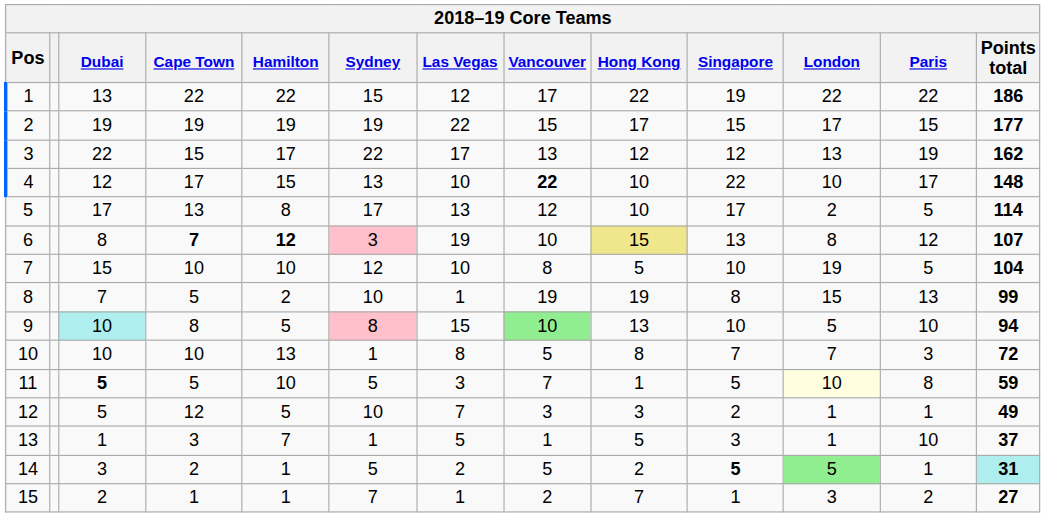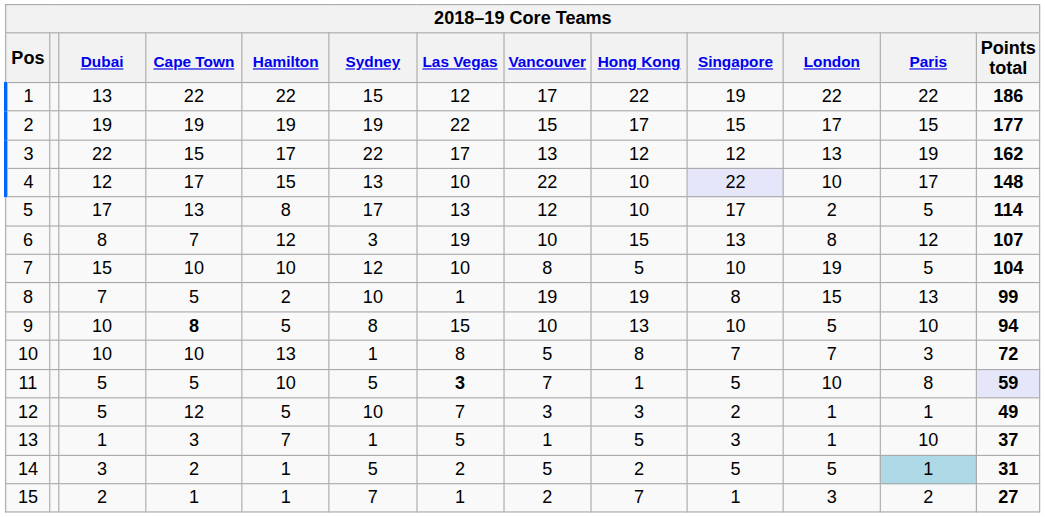 <table class="wikitable" style="text-align:center">
 <tr bgcolor="#efefef">
 <th colspan=13 style="border-right:0px;";>2018–19 Core Teams</th>
 </tr>
 <tr bgcolor="#efefef" style="vertical-align:top;">
 <th style="width:2em; vertical-align:middle;">Pos</th>
 <th></th>
 <th style="width:5.2em; font-size:85%;"><br><a href='#'>Dubai</a></th>
 <th style="width:5.8em; font-size:85%;"><br><a href='#'>Cape Town</a></th>
 <th style="width:5.2em; font-size:85%;"><br><a href='#'>Hamilton</a></th>
 <th style="width:5.2em; font-size:85%;"><br><a href='#'>Sydney</a></th>
 <th style="width:5.2em; font-size:85%;"><br><a href='#'>Las Vegas</a></th>
 <th style="width:5.2em; font-size:85%;"><br><a href='#'>Vancouver</a></th>
 <th style="width:5.8em; font-size:85%;"><br><a href='#'>Hong Kong</a></th>
 <th style="width:5.8em; font-size:85%;"><br><a href='#'>Singapore</a></th>
 <th style="width:5.8em; font-size:85%;"><br><a href='#'>London</a></th>
 <th style="width:5.8em; font-size:85%;"><br><a href='#'>Paris</a></th>
 <th>Points<br>total</th>
 </tr>
 <tr style="border-left:3px solid #06f;">
 <td>1</td>
 <td align=left></td>
 <td>13</td>
 <td>22</td>
 <td>22</td>
 <td>15</td>
 <td>12</td>
 <td>17</td>
 <td>22</td>
 <td>19</td>
 <td>22</td>
 <td>22</td>
 <td><strong>186</strong></td>
 </tr>
 <tr style="border-left:3px solid #06f;">
 <td>2</td>
 <td align=left></td>
 <td>19</td>
 <td>19</td>
 <td>19</td>
 <td>19</td>
 <td>22</td>
 <td>15</td>
 <td>17</td>
 <td>15</td>
 <td>17</td>
 <td>15</td>
 <td><strong>177</strong></td>
 </tr>
 <tr style="border-left:3px solid #06f;">
 <td>3</td>
 <td align=left></td>
 <td>22</td>
 <td>15</td>
 <td>17</td>
 <td>22</td>
 <td>17</td>
 <td>13</td>
 <td>12</td>
 <td>12</td>
 <td>13</td>
 <td>19</td>
 <td><strong>162</strong></td>
 </tr>
 <tr style="border-left:3px solid #06f;">
 <td>4</td>
 <td align=left></td>
 <td>12</td>
 <td>17</td>
 <td>15</td>
 <td>13</td>
 <td>10</td>
-<td><strong>22</strong></td>
+<td>22</td>
 <td>10</td>
-<td>22</td>
+<td style="background: lavender;">22</td>
 <td>10</td>
 <td>17</td>
 <td><strong>148</strong></td>
 </tr>
 <tr>
 <td>5</td>
 <td align=left></td>
 <td>17</td>
 <td>13</td>
 <td>8</td>
 <td>17</td>
 <td>13</td>
 <td>12</td>
 <td>10</td>
 <td>17</td>
 <td>2</td>
 <td>5</td>
 <td><strong>114</strong></td>
 </tr>
 <tr>
 <td>6</td>
 <td align=left></td>
 <td>8</td>
-<td><strong>7</strong></td>
-<td><strong>12</strong></td>
-<td style="background: pink;">3</td>
+<td>7</td>
+<td>12</td>
+<td>3</td>
 <td>19</td>
 <td>10</td>
-<td style="background: khaki;">15</td>
+<td>15</td>
 <td>13</td>
 <td>8</td>
 <td>12</td>
 <td><strong>107</strong></td>
 </tr>
 <tr>
 <td>7</td>
 <td align=left></td>
 <td>15</td>
 <td>10</td>
 <td>10</td>
 <td>12</td>
 <td>10</td>
 <td>8</td>
 <td>5</td>
 <td>10</td>
 <td>19</td>
 <td>5</td>
 <td><strong>104</strong></td>
 </tr>
 <tr>
 <td>8</td>
 <td align=left></td>
 <td>7</td>
 <td>5</td>
 <td>2</td>
 <td>10</td>
 <td>1</td>
 <td>19</td>
 <td>19</td>
 <td>8</td>
 <td>15</td>
 <td>13</td>
 <td><strong>99</strong></td>
 </tr>
 <tr>
 <td>9</td>
 <td align=left></td>
-<td style="background: paleturquoise;">10</td>
+<td>10</td>
+<td><strong>8</strong></td>
+<td>5</td>
 <td>8</td>
-<td>5</td>
-<td style="background: pink;">8</td>
 <td>15</td>
-<td style="background: lightgreen;">10</td>
+<td>10</td>
 <td>13</td>
 <td>10</td>
 <td>5</td>
 <td>10</td>
 <td><strong>94</strong></td>
 </tr>
 <tr>
 <td>10</td>
 <td align=left><s></s></td>
 <td>10</td>
 <td>10</td>
 <td>13</td>
 <td>1</td>
 <td>8</td>
 <td>5</td>
 <td>8</td>
 <td>7</td>
 <td>7</td>
 <td>3</td>
 <td><strong>72</strong></td>
 </tr>
 <tr>
 <td>11</td>
 <td align=left></td>
-<td><strong>5</strong></td>
+<td>5</td>
 <td>5</td>
 <td>10</td>
 <td>5</td>
-<td>3</td>
+<td><strong>3</strong></td>
 <td>7</td>
 <td>1</td>
 <td>5</td>
-<td style="background: lightyellow;">10</td>
+<td>10</td>
 <td>8</td>
-<td><strong>59</strong></td>
+<td style="background: lavender;"><strong>59</strong></td>
 </tr>
 <tr>
 <td>12</td>
 <td align=left></td>
 <td>5</td>
 <td>12</td>
 <td>5</td>
 <td>10</td>
 <td>7</td>
 <td>3</td>
 <td>3</td>
 <td>2</td>
 <td>1</td>
 <td>1</td>
 <td><strong>49</strong></td>
 </tr>
 <tr>
 <td>13</td>
 <td align=left></td>
 <td>1</td>
 <td>3</td>
 <td>7</td>
 <td>1</td>
 <td>5</td>
 <td>1</td>
 <td>5</td>
 <td>3</td>
 <td>1</td>
 <td>10</td>
 <td><strong>37</strong></td>
 </tr>
 <tr>
 <td>14</td>
 <td align=left><s></s></td>
 <td>3</td>
 <td>2</td>
 <td>1</td>
 <td>5</td>
 <td>2</td>
 <td>5</td>
 <td>2</td>
-<td><strong>5</strong></td>
-<td style="background: lightgreen;">5</td>
-<td>1</td>
-<td style="background: paleturquoise;"><strong>31</strong></td>
+<td>5</td>
+<td>5</td>
+<td style="background: lightblue;">1</td>
+<td><strong>31</strong></td>
 </tr>
 <tr>
 <td>15</td>
 <td align=left></td>
 <td>2</td>
 <td>1</td>
 <td>1</td>
 <td>7</td>
 <td>1</td>
 <td>2</td>
 <td>7</td>
 <td>1</td>
 <td>3</td>
 <td>2</td>
 <td><strong>27</strong></td>
 </tr>
 </table>
